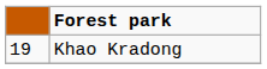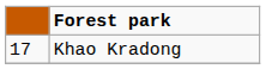 <table class= "wikitable" style= "width:30%; display:inline-table;">
 <tr>
 <td style="width:3%; background:#C65900;"> </td>
 <td style="width:27%;"><strong>Forest park</strong></td>
 </tr>
 <tr>
-<td>19</td>
+<td>17</td>
 <td>Khao Kradong</td>
 </tr>
 <tr>
 </tr>
 </table>
